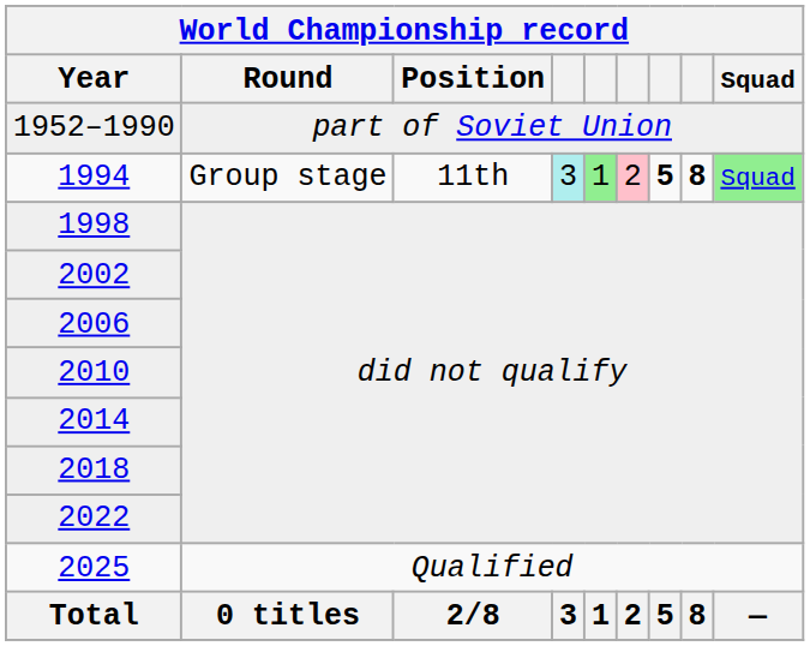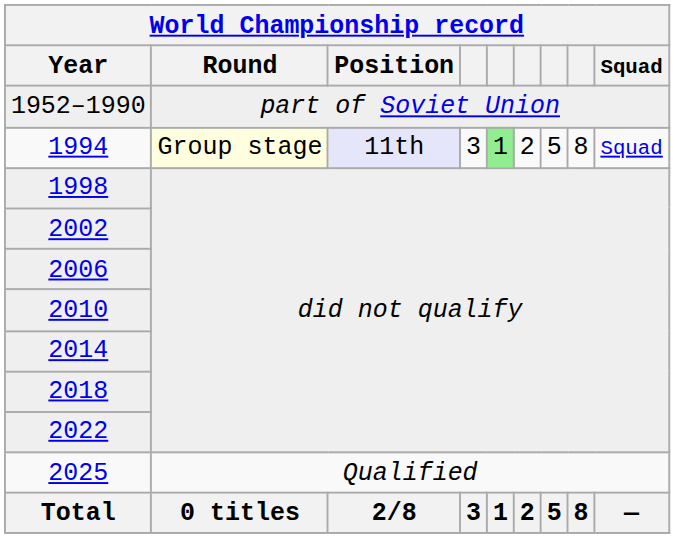 <table class="wikitable" style="text-align: center;">
 <tr>
 <th colspan=9><a href='#'>World Championship record</a></th>
 </tr>
 <tr>
 <th>Year</th>
 <th>Round</th>
 <th>Position</th>
 <th></th>
 <th></th>
 <th></th>
 <th></th>
 <th></th>
 <th><small>Squad</small></th>
 </tr>
 <tr bgcolor="efefef">
 <td>1952–1990</td>
 <td colspan=8><em>part of <a href='#'>Soviet Union</a></em></td>
 </tr>
 <tr>
 <td> <a href='#'>1994</a></td>
-<td>Group stage</td>
-<td>11th</td>
-<td style="background: paleturquoise;">3</td>
+<td style="background: lightyellow;">Group stage</td>
+<td style="background: lavender;">11th</td>
+<td>3</td>
 <td style="background: lightgreen;">1</td>
-<td style="background: pink;">2</td>
-<td><strong>5</strong></td>
-<td><strong>8</strong></td>
-<td style="background: lightgreen;"><small><a href='#'>Squad</a></small></td>
+<td>2</td>
+<td>5</td>
+<td>8</td>
+<td><small><a href='#'>Squad</a></small></td>
 </tr>
 <tr bgcolor="efefef">
 <td> <a href='#'>1998</a></td>
 <td colspan=8 rowspan=7><em>did not qualify</em></td>
 </tr>
 <tr bgcolor="efefef">
 <td> <a href='#'>2002</a></td>
 </tr>
 <tr bgcolor="efefef">
 <td> <a href='#'>2006</a></td>
 </tr>
 <tr bgcolor="efefef">
 <td> <a href='#'>2010</a></td>
 </tr>
 <tr bgcolor="efefef">
 <td> <a href='#'>2014</a></td>
 </tr>
 <tr bgcolor="efefef">
 <td> <a href='#'>2018</a></td>
 </tr>
 <tr bgcolor="efefef">
 <td> <a href='#'>2022</a></td>
 </tr>
 <tr>
 <td> <a href='#'>2025</a></td>
 <td colspan=8><em>Qualified</em></td>
 </tr>
 <tr>
 <th>Total</th>
 <th>0 titles</th>
 <th>2/8</th>
 <th>3</th>
 <th>1</th>
 <th>2</th>
 <th>5</th>
 <th>8</th>
 <th>—</th>
 </tr>
 </table>
